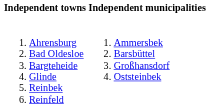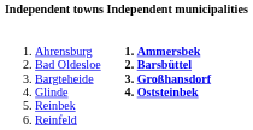 <table>
 <tr ---->
 <th>Independent towns</th>
 <th>Independent municipalities</th>
 </tr>
 <tr>
 <td valign=top><br><ol><li><a href='#'>Ahrensburg</a></li><li><a href='#'>Bad Oldesloe</a></li><li><a href='#'>Bargteheide</a></li><li><a href='#'>Glinde</a></li><li><a href='#'>Reinbek</a></li><li><a href='#'>Reinfeld</a></li></ol></td>
-<td valign=top><br><ol><li><a href='#'>Ammersbek</a></li><li><a href='#'>Barsbüttel</a></li><li><a href='#'>Großhansdorf</a></li><li><a href='#'>Oststeinbek</a></li></ol></td>
+<td valign=top><strong><br><ol><li><a href='#'>Ammersbek</a></li><li><a href='#'>Barsbüttel</a></li><li><a href='#'>Großhansdorf</a></li><li><a href='#'>Oststeinbek</a></li></ol></strong></td>
 </tr>
 </table>
